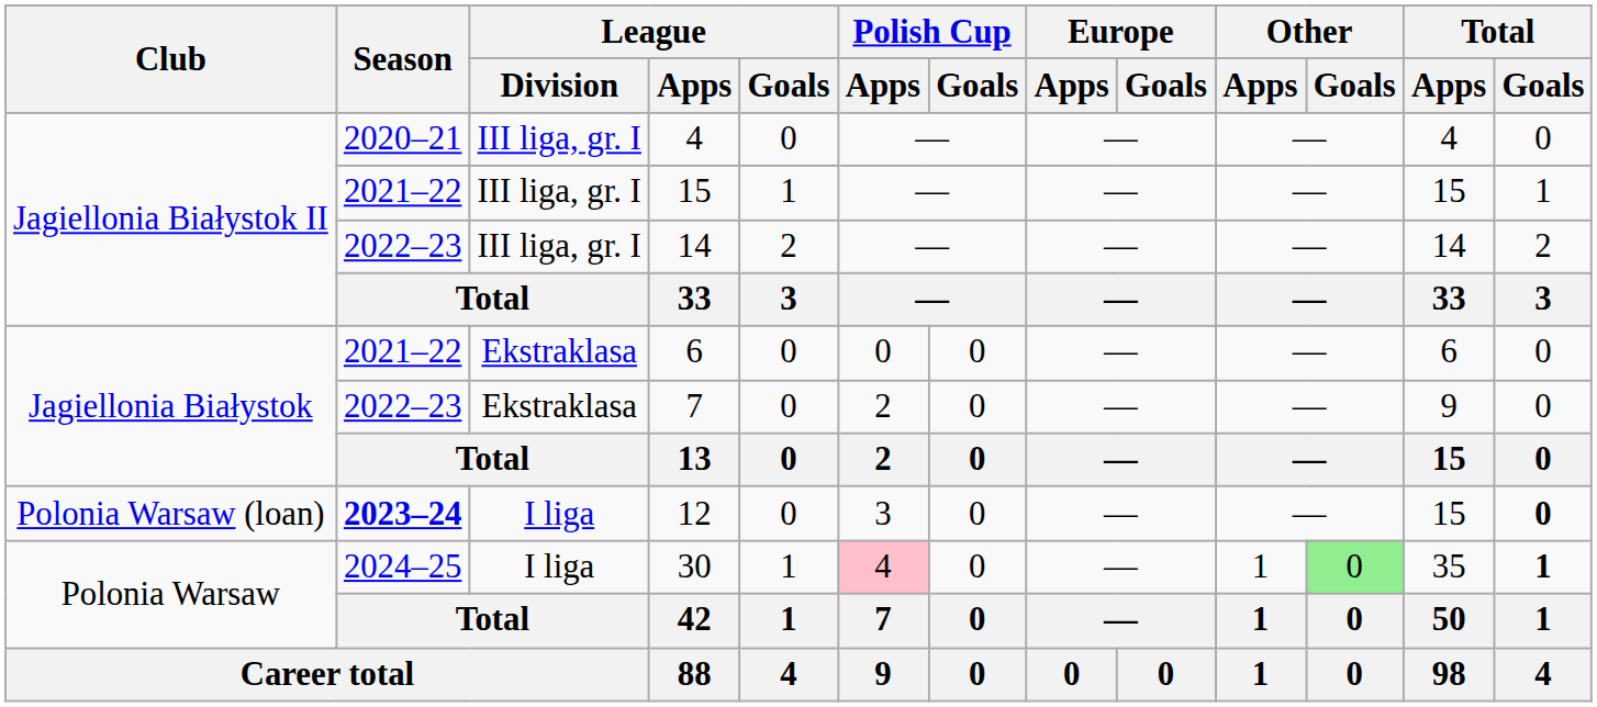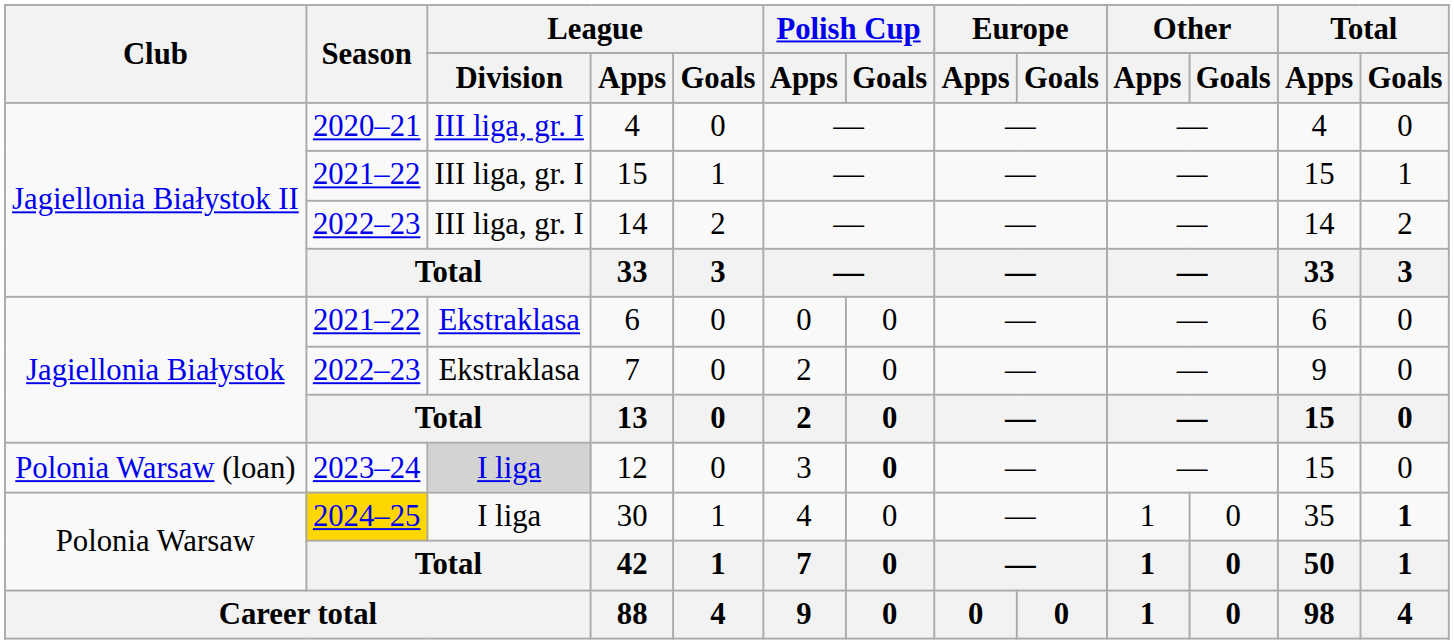 <table class="wikitable" style="text-align: center;">
 <tr>
 <th rowspan="2">Club</th>
 <th rowspan="2">Season</th>
 <th colspan="3">League</th>
 <th colspan="2"><a href='#'>Polish Cup</a></th>
 <th colspan="2">Europe</th>
 <th colspan="2">Other</th>
 <th colspan="2">Total</th>
 </tr>
 <tr>
 <th>Division</th>
 <th>Apps</th>
 <th>Goals</th>
 <th>Apps</th>
 <th>Goals</th>
 <th>Apps</th>
 <th>Goals</th>
 <th>Apps</th>
 <th>Goals</th>
 <th>Apps</th>
 <th>Goals</th>
 </tr>
 <tr>
 <td rowspan="4"><a href='#'>Jagiellonia Białystok II</a></td>
 <td><a href='#'>2020–21</a></td>
 <td><a href='#'>III liga, gr. I</a></td>
 <td>4</td>
 <td>0</td>
 <td colspan="2">—</td>
 <td colspan="2">—</td>
 <td colspan="2">—</td>
 <td>4</td>
 <td>0</td>
 </tr>
 <tr>
 <td><a href='#'>2021–22</a></td>
 <td>III liga, gr. I</td>
 <td>15</td>
 <td>1</td>
 <td colspan="2">—</td>
 <td colspan="2">—</td>
 <td colspan="2">—</td>
 <td>15</td>
 <td>1</td>
 </tr>
 <tr>
 <td><a href='#'>2022–23</a></td>
 <td>III liga, gr. I</td>
 <td>14</td>
 <td>2</td>
 <td colspan="2">—</td>
 <td colspan="2">—</td>
 <td colspan="2">—</td>
 <td>14</td>
 <td>2</td>
 </tr>
 <tr>
 <th colspan="2">Total</th>
 <th>33</th>
 <th>3</th>
 <th colspan="2">—</th>
 <th colspan="2">—</th>
 <th colspan="2">—</th>
 <th>33</th>
 <th>3</th>
 </tr>
 <tr>
 <td rowspan="3"><a href='#'>Jagiellonia Białystok</a></td>
 <td><a href='#'>2021–22</a></td>
 <td><a href='#'>Ekstraklasa</a></td>
 <td>6</td>
 <td>0</td>
 <td>0</td>
 <td>0</td>
 <td colspan="2">—</td>
 <td colspan="2">—</td>
 <td>6</td>
 <td>0</td>
 </tr>
 <tr>
 <td><a href='#'>2022–23</a></td>
 <td>Ekstraklasa</td>
 <td>7</td>
 <td>0</td>
 <td>2</td>
 <td>0</td>
 <td colspan="2">—</td>
 <td colspan="2">—</td>
 <td>9</td>
 <td>0</td>
 </tr>
 <tr>
 <th colspan="2">Total</th>
 <th>13</th>
 <th>0</th>
 <th>2</th>
 <th>0</th>
 <th colspan="2">—</th>
 <th colspan="2">—</th>
 <th>15</th>
 <th>0</th>
 </tr>
 <tr>
 <td><a href='#'>Polonia Warsaw</a> (loan)</td>
-<td><strong><a href='#'>2023–24</a></strong></td>
-<td><a href='#'>I liga</a></td>
+<td><a href='#'>2023–24</a></td>
+<td style="background: lightgrey;"><a href='#'>I liga</a></td>
 <td>12</td>
 <td>0</td>
 <td>3</td>
-<td>0</td>
+<td><strong>0</strong></td>
 <td colspan="2">—</td>
 <td colspan="2">—</td>
 <td>15</td>
-<td><strong>0</strong></td>
+<td>0</td>
 </tr>
 <tr>
 <td rowspan="2">Polonia Warsaw</td>
-<td><a href='#'>2024–25</a></td>
+<td style="background: gold;"><a href='#'>2024–25</a></td>
 <td>I liga</td>
 <td>30</td>
 <td>1</td>
-<td style="background: pink;">4</td>
+<td>4</td>
 <td>0</td>
 <td colspan="2">—</td>
 <td>1</td>
-<td style="background: lightgreen;">0</td>
+<td>0</td>
 <td>35</td>
 <td><strong>1</strong></td>
 </tr>
 <tr>
 <th colspan="2">Total</th>
 <th>42</th>
 <th>1</th>
 <th>7</th>
 <th>0</th>
 <th colspan="2">—</th>
 <th>1</th>
 <th>0</th>
 <th>50</th>
 <th>1</th>
 </tr>
 <tr>
 <th colspan="3">Career total</th>
 <th>88</th>
 <th>4</th>
 <th>9</th>
 <th>0</th>
 <th>0</th>
 <th>0</th>
 <th>1</th>
 <th>0</th>
 <th>98</th>
 <th>4</th>
 </tr>
 </table>
